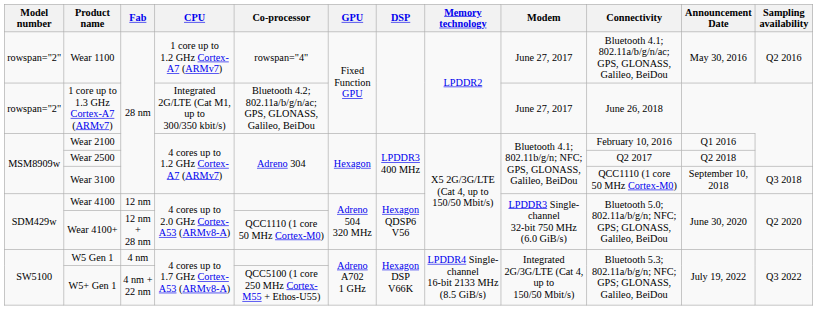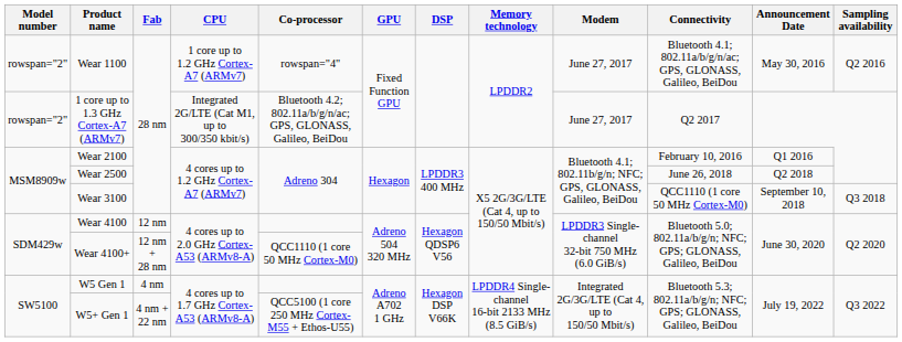 <table class="wikitable" style="width:100%; text-align:center">
 <tr>
 <th>Model number</th>
 <th>Product name</th>
 <th><a href='#'>Fab</a></th>
 <th><a href='#'>CPU</a></th>
 <th>Co-processor</th>
 <th><a href='#'>GPU</a></th>
 <th><a href='#'>DSP</a></th>
 <th><a href='#'>Memory technology</a></th>
 <th>Modem</th>
 <th>Connectivity</th>
 <th>Announcement Date</th>
 <th>Sampling availability</th>
 </tr>
 <tr>
 <td>rowspan="2" </td>
 <td>Wear 1100</td>
 <td rowspan="5">28 nm</td>
 <td>1 core up to 1.2 GHz <a href='#'>Cortex-A7</a> (<a href='#'>ARMv7</a>)</td>
 <td>rowspan="4" </td>
 <td rowspan="2">Fixed Function <a href='#'>GPU</a></td>
 <td rowspan="2"></td>
 <td rowspan="2"><a href='#'>LPDDR2</a></td>
 <td>June 27, 2017</td>
 <td>Bluetooth 4.1; 802.11a/b/g/n/ac; GPS, GLONASS, Galileo, BeiDou</td>
 <td>May 30, 2016</td>
 <td>Q2 2016</td>
 </tr>
 <tr>
 <td>rowspan="2" </td>
 <td>1 core up to 1.3 GHz <a href='#'>Cortex-A7</a> (<a href='#'>ARMv7</a>)</td>
 <td>Integrated 2G/LTE (Cat M1, up to 300/350 kbit/s)</td>
 <td>Bluetooth 4.2; 802.11a/b/g/n/ac; GPS, GLONASS, Galileo, BeiDou</td>
 <td>June 27, 2017</td>
-<td>June 26, 2018</td>
+<td>Q2 2017</td>
 </tr>
 <tr>
 <td rowspan="3">MSM8909w</td>
 <td>Wear 2100</td>
 <td rowspan="3">4 cores up to 1.2 GHz <a href='#'>Cortex-A7</a> (<a href='#'>ARMv7</a>)</td>
 <td rowspan="3"><a href='#'>Adreno</a> 304</td>
 <td rowspan="3"><a href='#'>Hexagon</a></td>
 <td rowspan="3"><a href='#'>LPDDR3</a> 400 MHz</td>
 <td rowspan="5">X5 2G/3G/LTE (Cat 4, up to 150/50 Mbit/s)</td>
 <td rowspan="3">Bluetooth 4.1; 802.11b/g/n; NFC; GPS, GLONASS, Galileo, BeiDou</td>
 <td>February 10, 2016</td>
 <td>Q1 2016</td>
 </tr>
 <tr>
 <td>Wear 2500</td>
-<td>Q2 2017</td>
+<td>June 26, 2018</td>
 <td>Q2 2018</td>
 </tr>
 <tr>
 <td>Wear 3100</td>
 <td>QCC1110 (1 core 50 MHz <a href='#'>Cortex-M0</a>)</td>
 <td>September 10, 2018</td>
 <td>Q3 2018</td>
 </tr>
 <tr>
 <td rowspan="2">SDM429w</td>
 <td>Wear 4100</td>
 <td>12 nm</td>
 <td rowspan="2">4 cores up to 2.0 GHz <a href='#'>Cortex-A53</a> (<a href='#'>ARMv8-A</a>)</td>
 <td></td>
 <td rowspan="2"><a href='#'>Adreno</a> 504 320 MHz</td>
 <td rowspan="2"><a href='#'>Hexagon</a> QDSP6 V56</td>
 <td rowspan="2"><a href='#'>LPDDR3</a> Single-channel<br>32-bit 750 MHz<br>(6.0 GiB/s)</td>
 <td rowspan="2">Bluetooth 5.0; 802.11a/b/g/n; NFC; GPS; GLONASS, Galileo, BeiDou</td>
 <td rowspan="2">June 30, 2020</td>
 <td rowspan="2">Q2 2020</td>
 </tr>
 <tr>
 <td>Wear 4100+</td>
 <td>12 nm + 28 nm</td>
 <td>QCC1110 (1 core 50 MHz <a href='#'>Cortex-M0</a>)</td>
 </tr>
 <tr>
 <td rowspan="2">SW5100</td>
 <td>W5 Gen 1</td>
 <td>4 nm</td>
 <td rowspan="2">4 cores up to 1.7 GHz <a href='#'>Cortex-A53</a> (<a href='#'>ARMv8-A</a>)</td>
 <td></td>
 <td rowspan="2"><a href='#'>Adreno</a> A702 1 GHz</td>
 <td rowspan="2"><a href='#'>Hexagon</a> DSP V66K</td>
 <td rowspan="2"><a href='#'>LPDDR4</a> Single-channel<br>16-bit 2133 MHz<br>(8.5 GiB/s)</td>
 <td rowspan="2">Integrated 2G/3G/LTE (Cat 4, up to 150/50 Mbit/s)</td>
 <td rowspan="2">Bluetooth 5.3; 802.11a/b/g/n; NFC; GPS; GLONASS, Galileo, BeiDou</td>
 <td rowspan="2">July 19, 2022</td>
 <td rowspan="2">Q3 2022</td>
 </tr>
 <tr>
 <td>W5+ Gen 1</td>
 <td>4 nm + 22 nm</td>
 <td>QCC5100 (1 core 250 MHz <a href='#'>Cortex-M55</a> + Ethos-U55)</td>
 </tr>
 </table>
